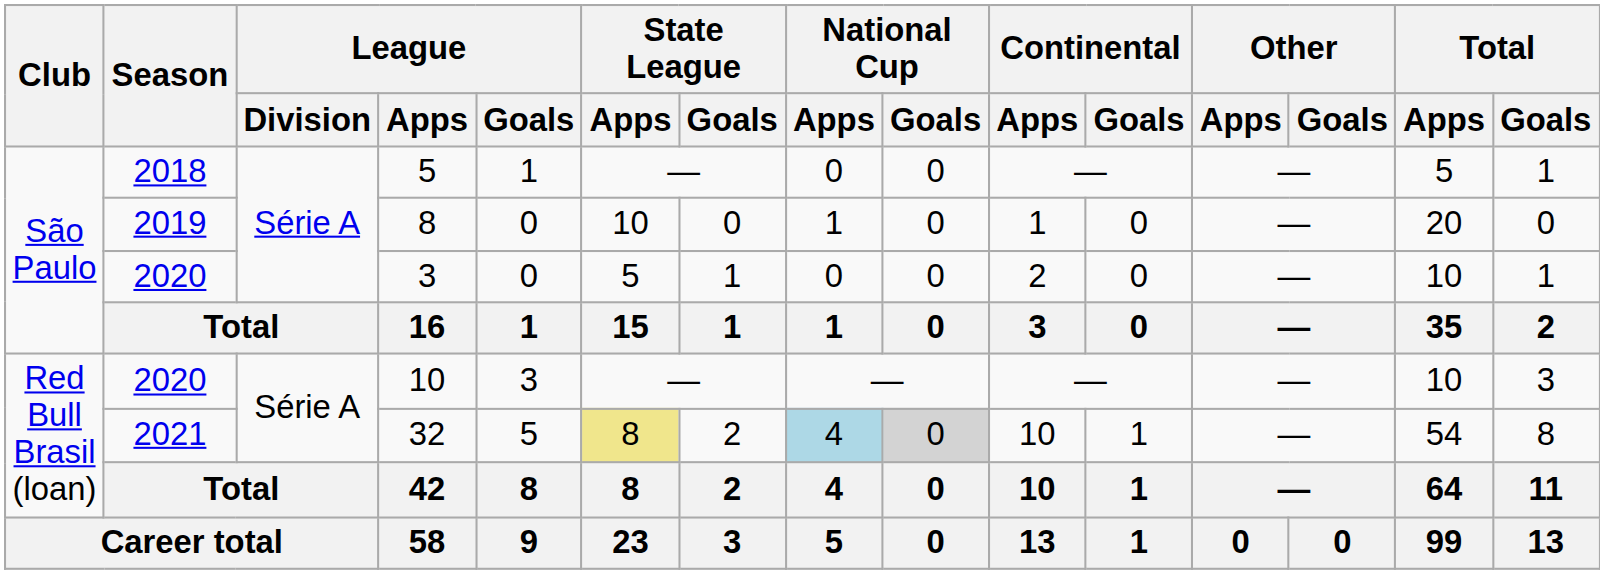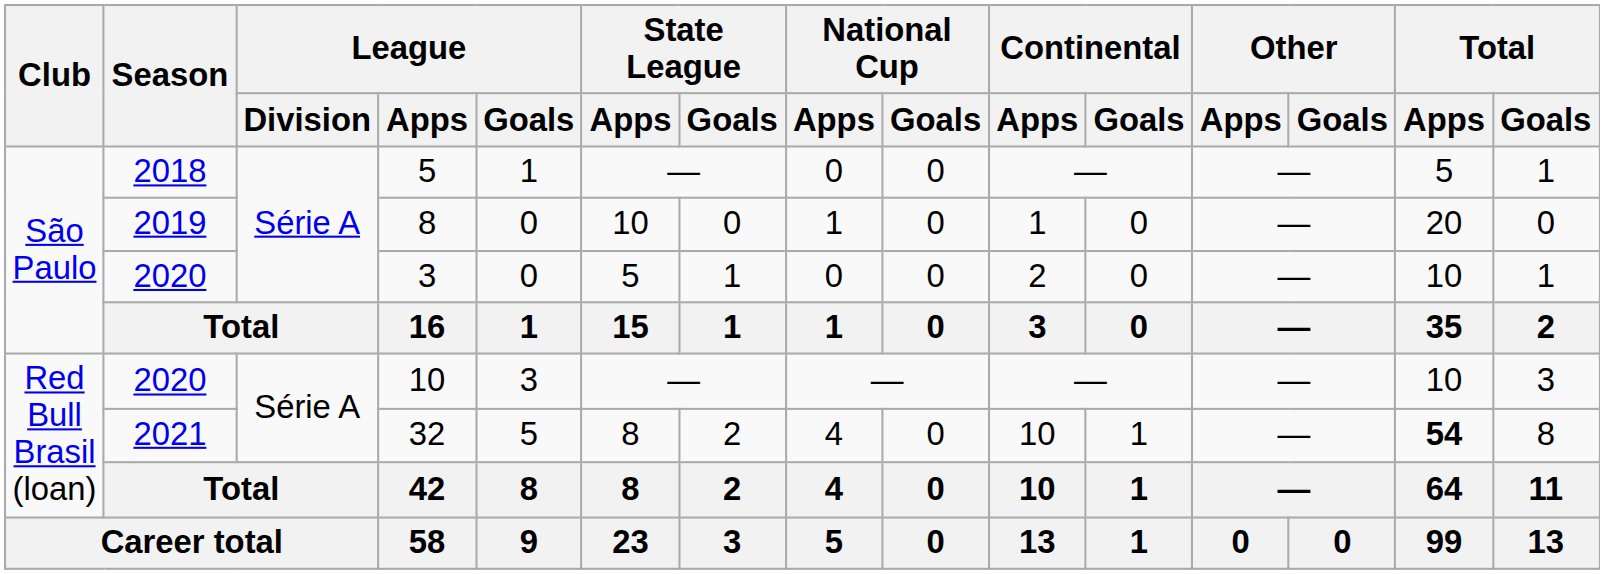 <table class="wikitable" style="text-align:center">
 <tr>
 <th rowspan="2">Club</th>
 <th rowspan="2">Season</th>
 <th colspan="3">League</th>
 <th colspan="2">State League</th>
 <th colspan="2">National Cup</th>
 <th colspan="2">Continental</th>
 <th colspan="2">Other</th>
 <th colspan="2">Total</th>
 </tr>
 <tr>
 <th>Division</th>
 <th>Apps</th>
 <th>Goals</th>
 <th>Apps</th>
 <th>Goals</th>
 <th>Apps</th>
 <th>Goals</th>
 <th>Apps</th>
 <th>Goals</th>
 <th>Apps</th>
 <th>Goals</th>
 <th>Apps</th>
 <th>Goals</th>
 </tr>
 <tr>
 <td rowspan="4"><a href='#'>São Paulo</a></td>
 <td><a href='#'>2018</a></td>
 <td rowspan="3"><a href='#'>Série A</a></td>
 <td>5</td>
 <td>1</td>
 <td colspan="2">—</td>
 <td>0</td>
 <td>0</td>
 <td colspan="2">—</td>
 <td colspan="2">—</td>
 <td>5</td>
 <td>1</td>
 </tr>
 <tr>
 <td><a href='#'>2019</a></td>
 <td>8</td>
 <td>0</td>
 <td>10</td>
 <td>0</td>
 <td>1</td>
 <td>0</td>
 <td>1</td>
 <td>0</td>
 <td colspan="2">—</td>
 <td>20</td>
 <td>0</td>
 </tr>
 <tr>
 <td><a href='#'>2020</a></td>
 <td>3</td>
 <td>0</td>
 <td>5</td>
 <td>1</td>
 <td>0</td>
 <td>0</td>
 <td>2</td>
 <td>0</td>
 <td colspan="2">—</td>
 <td>10</td>
 <td>1</td>
 </tr>
 <tr>
 <th colspan="2">Total</th>
 <th>16</th>
 <th>1</th>
 <th>15</th>
 <th>1</th>
 <th>1</th>
 <th>0</th>
 <th>3</th>
 <th>0</th>
 <th colspan="2">—</th>
 <th>35</th>
 <th>2</th>
 </tr>
 <tr>
 <td rowspan="3"><a href='#'>Red Bull Brasil</a> (loan)</td>
 <td><a href='#'>2020</a></td>
 <td rowspan="2">Série A</td>
 <td>10</td>
 <td>3</td>
 <td colspan="2">—</td>
 <td colspan="2">—</td>
 <td colspan="2">—</td>
 <td colspan="2">—</td>
 <td>10</td>
 <td>3</td>
 </tr>
 <tr>
 <td><a href='#'>2021</a></td>
 <td>32</td>
 <td>5</td>
-<td style="background: khaki;">8</td>
+<td>8</td>
 <td>2</td>
-<td style="background: lightblue;">4</td>
-<td style="background: lightgrey;">0</td>
+<td>4</td>
+<td>0</td>
 <td>10</td>
 <td>1</td>
 <td colspan="2">—</td>
-<td>54</td>
+<td><strong>54</strong></td>
 <td>8</td>
 </tr>
 <tr>
 <th colspan="2">Total</th>
 <th>42</th>
 <th>8</th>
 <th>8</th>
 <th>2</th>
 <th>4</th>
 <th>0</th>
 <th>10</th>
 <th>1</th>
 <th colspan="2">—</th>
 <th>64</th>
 <th>11</th>
 </tr>
 <tr>
 <th colspan="3">Career total</th>
 <th>58</th>
 <th>9</th>
 <th>23</th>
 <th>3</th>
 <th>5</th>
 <th>0</th>
 <th>13</th>
 <th>1</th>
 <th>0</th>
 <th>0</th>
 <th>99</th>
 <th>13</th>
 </tr>
 </table>
